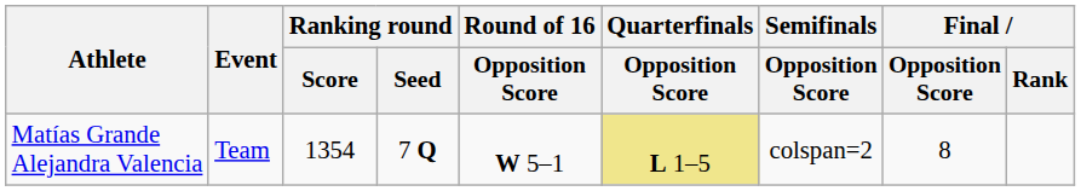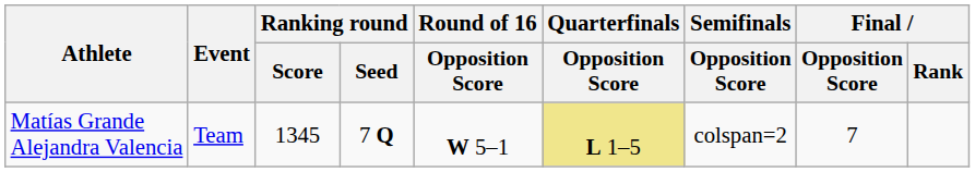 <table class="wikitable" style="font-size:90%; text-align:center">
 <tr>
 <th rowspan=2>Athlete</th>
 <th rowspan=2>Event</th>
 <th colspan="2">Ranking round</th>
 <th>Round of 16</th>
 <th>Quarterfinals</th>
 <th>Semifinals</th>
 <th colspan="2">Final / </th>
 </tr>
 <tr style="font-size:95%">
 <th>Score</th>
 <th>Seed</th>
 <th>Opposition<br>Score</th>
 <th>Opposition<br>Score</th>
 <th>Opposition<br>Score</th>
 <th>Opposition<br>Score</th>
 <th>Rank</th>
 </tr>
 <tr align=center>
 <td align=left><a href='#'>Matías Grande</a><br><a href='#'>Alejandra Valencia</a></td>
 <td align=left><a href='#'>Team</a></td>
-<td>1354</td>
+<td>1345</td>
 <td>7 <strong>Q</strong></td>
 <td><br><strong>W</strong> 5–1</td>
 <td style="background: khaki;"><br><strong>L</strong> 1–5</td>
 <td>colspan=2</td>
-<td>8</td>
+<td>7</td>
 </tr>
 </table>
